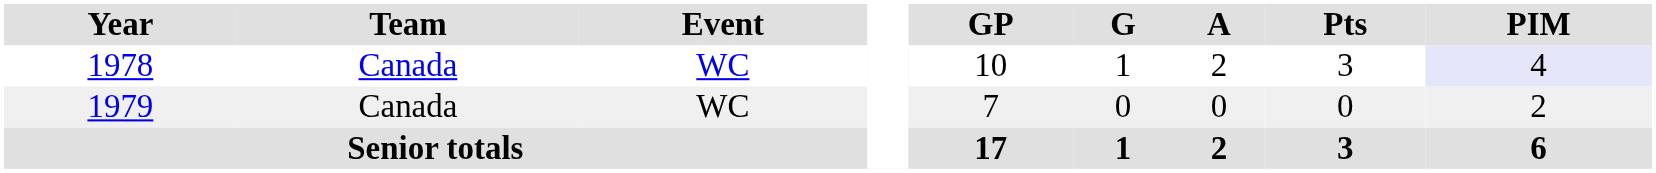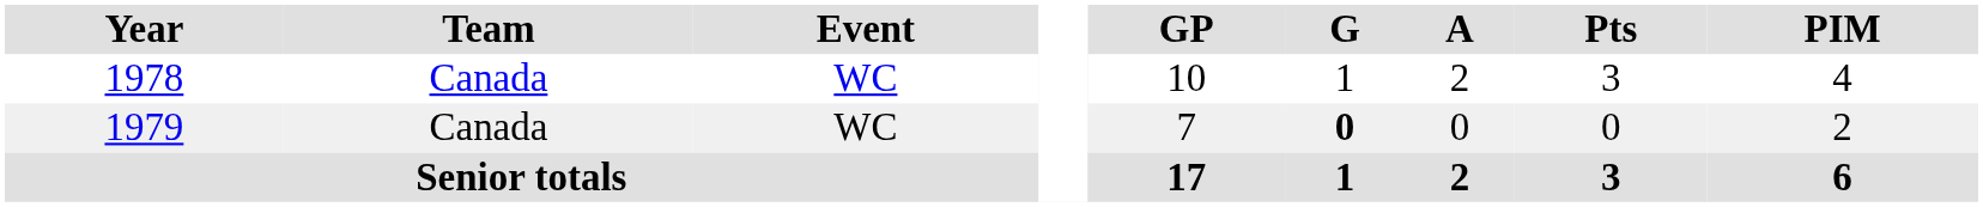 <table border="0" cellpadding="1" cellspacing="0" style="text-align:center; width:50em">
 <tr ALIGN="center" bgcolor="#e0e0e0">
 <th>Year</th>
 <th>Team</th>
 <th>Event</th>
 <th rowspan="99" bgcolor="#ffffff"> </th>
 <th>GP</th>
 <th>G</th>
 <th>A</th>
 <th>Pts</th>
 <th>PIM</th>
 </tr>
 <tr>
 <td><a href='#'>1978</a></td>
 <td><a href='#'>Canada</a></td>
 <td><a href='#'>WC</a></td>
 <td>10</td>
 <td>1</td>
 <td>2</td>
 <td>3</td>
-<td style="background: lavender;">4</td>
+<td>4</td>
 </tr>
 <tr bgcolor="#f0f0f0">
 <td><a href='#'>1979</a></td>
 <td>Canada</td>
 <td>WC</td>
 <td>7</td>
-<td>0</td>
+<td><strong>0</strong></td>
 <td>0</td>
 <td>0</td>
 <td>2</td>
 </tr>
 <tr bgcolor="#e0e0e0">
 <th colspan=3>Senior totals</th>
 <th>17</th>
 <th>1</th>
 <th>2</th>
 <th>3</th>
 <th>6</th>
 </tr>
 </table>
